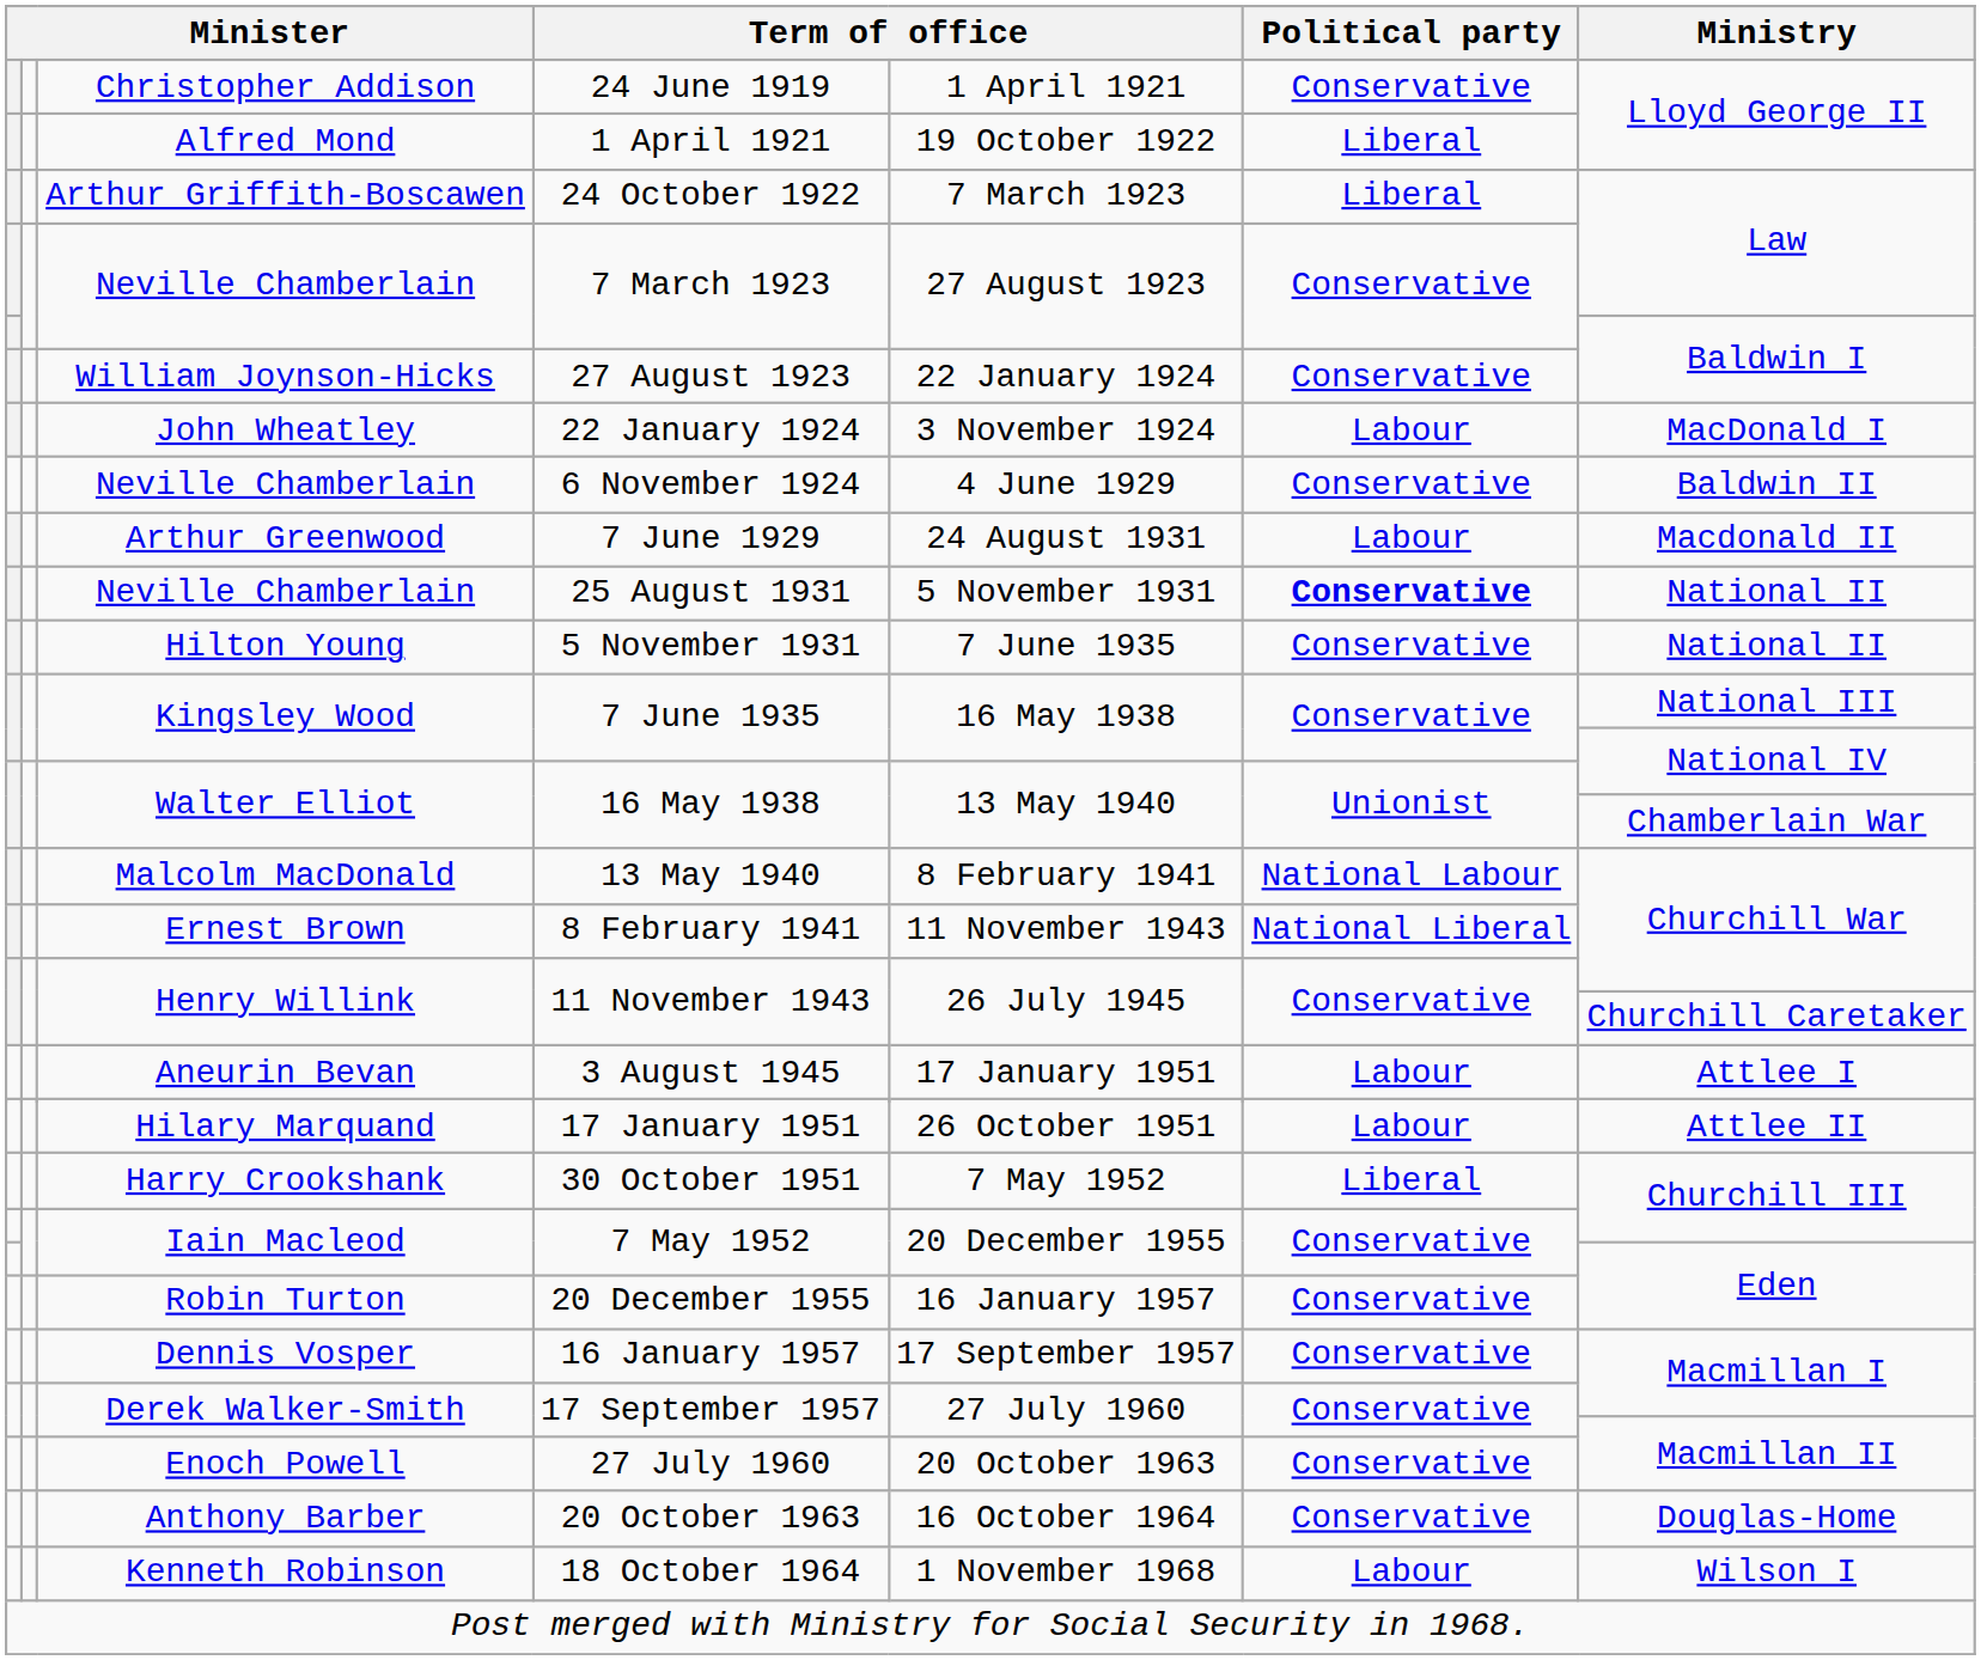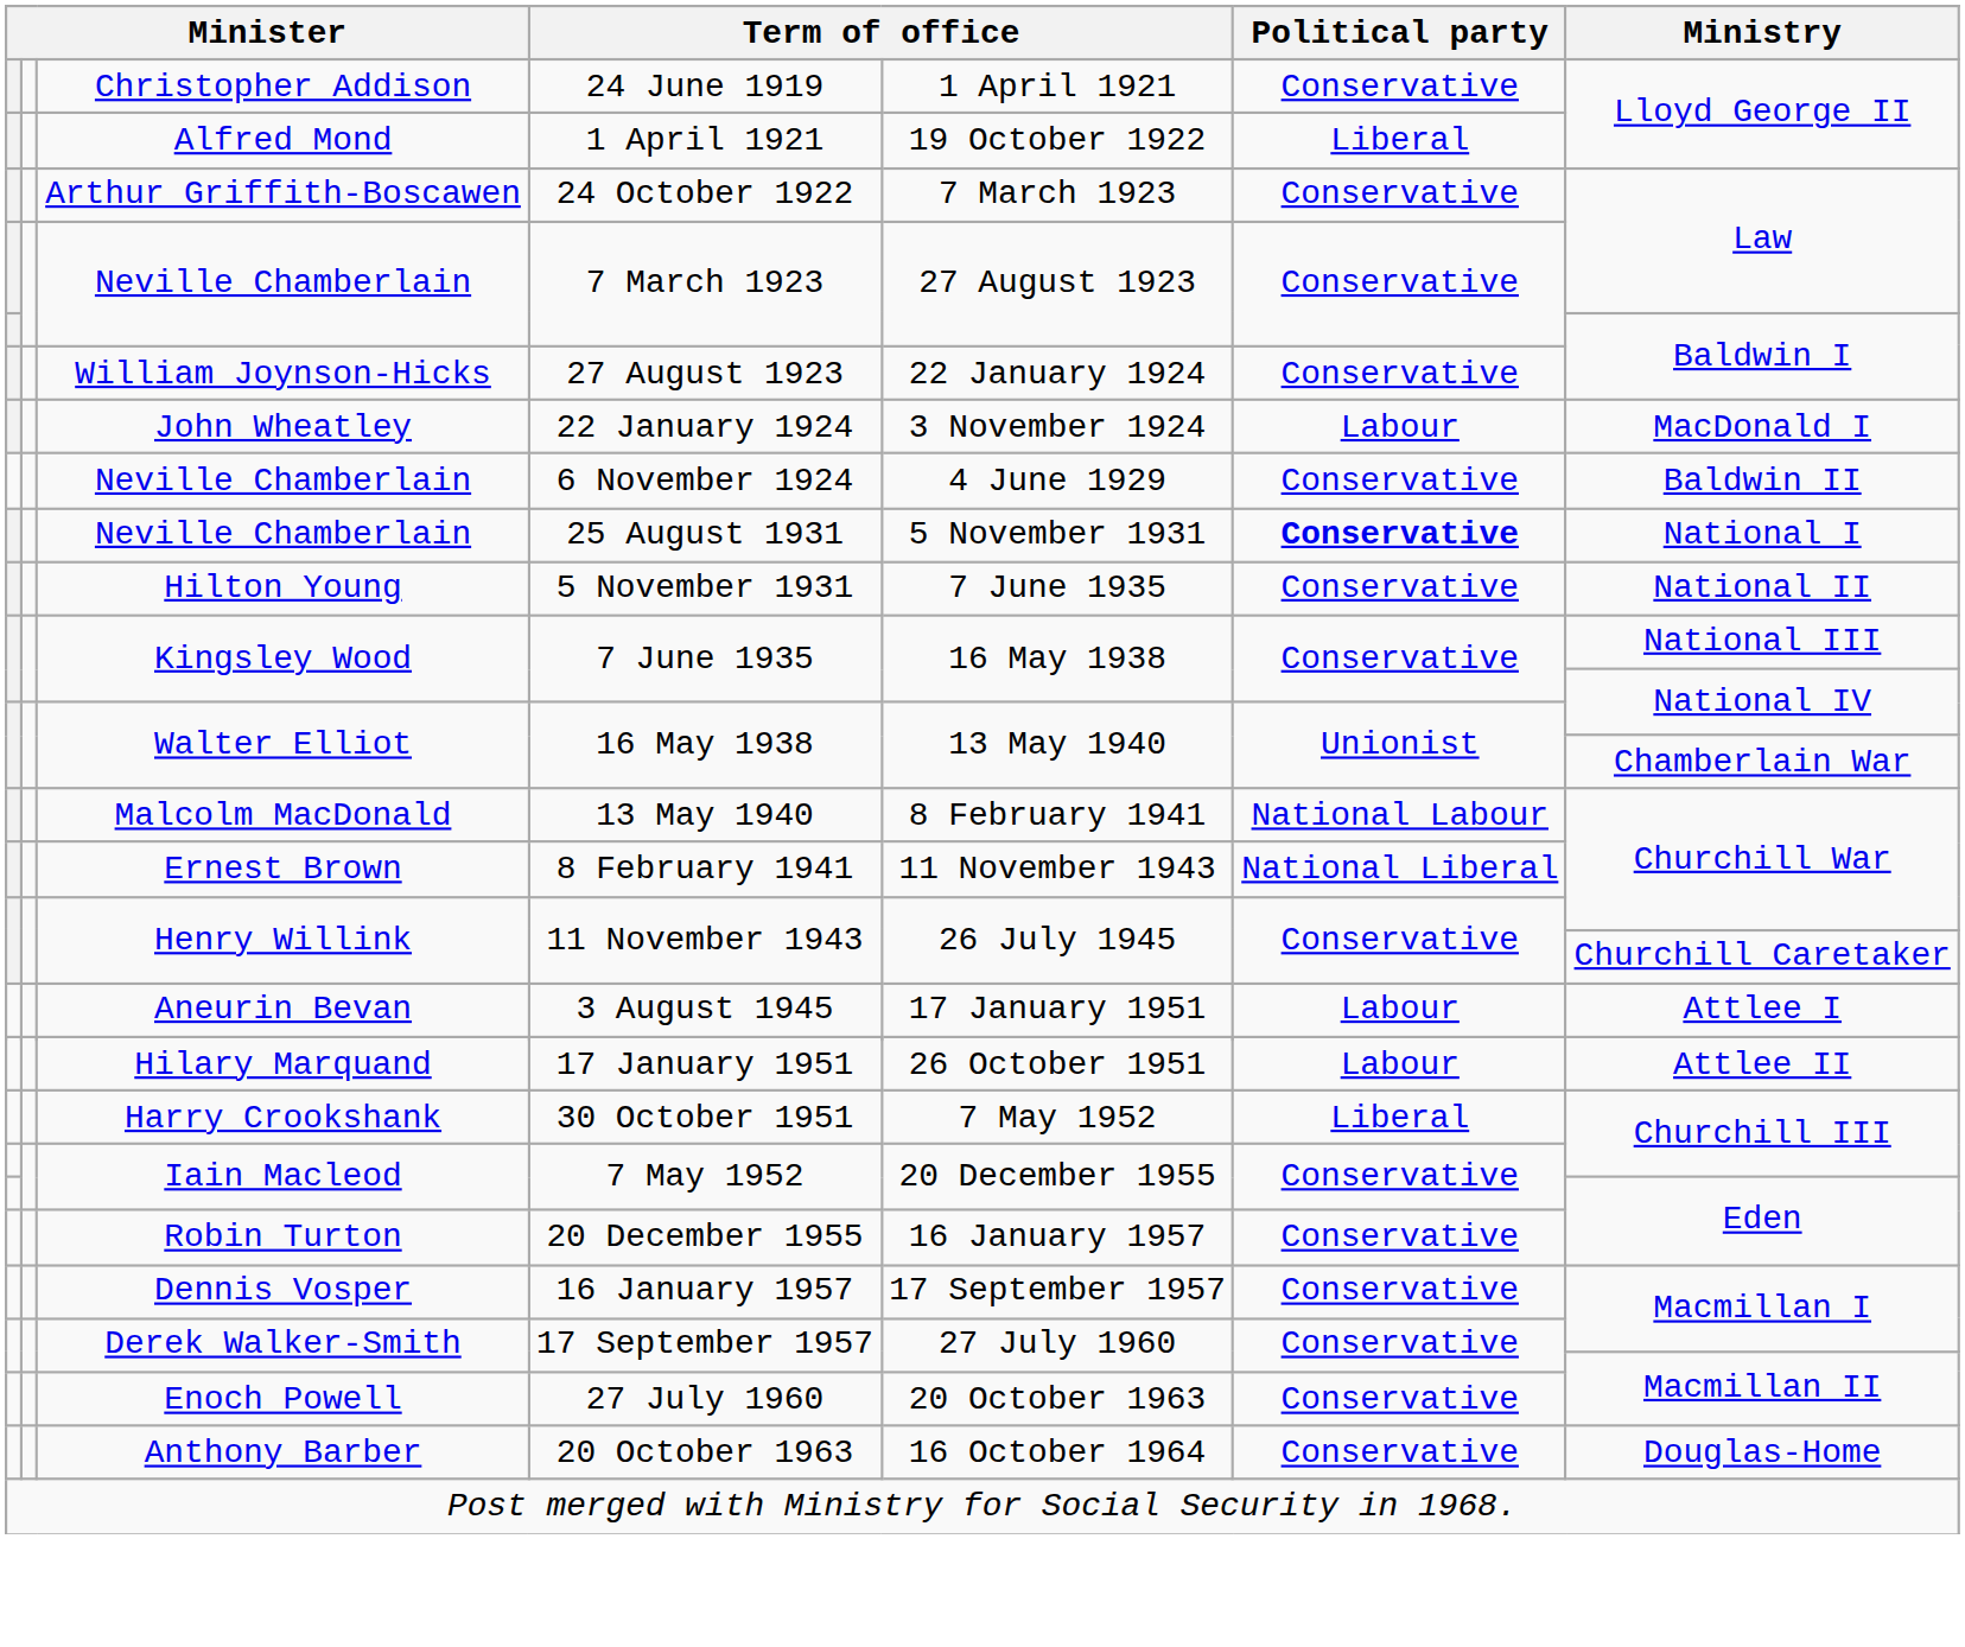 <table class="wikitable" style="text-align:center">
 <tr>
 <th colspan="3">Minister</th>
 <th colspan="2">Term of office</th>
 <th>Political party</th>
 <th>Ministry</th>
 </tr>
 <tr style="height:1em">
 <th style="background-color:"></th>
 <td></td>
 <td><a href='#'>Christopher Addison</a><br></td>
 <td>24 June 1919</td>
 <td>1 April 1921</td>
 <td><a href='#'>Conservative</a></td>
 <td rowspan="2" ><a href='#'>Lloyd George II</a></td>
 </tr>
 <tr style="height:1em">
 <th style="background-color:"></th>
 <td></td>
 <td><a href='#'>Alfred Mond</a><br></td>
 <td>1 April 1921</td>
 <td>19 October 1922</td>
 <td><a href='#'>Liberal</a></td>
 </tr>
 <tr style="height:1em">
 <th style="background-color:"></th>
 <td></td>
 <td><a href='#'>Arthur Griffith-Boscawen</a><br></td>
 <td>24 October 1922</td>
 <td>7 March 1923<br></td>
-<td><a href='#'>Liberal</a></td>
+<td><a href='#'>Conservative</a></td>
 <td rowspan="2" ><a href='#'>Law</a></td>
 </tr>
 <tr style="height:1em">
 <th height="30" style="background-color:"></th>
 <td rowspan="2"></td>
 <td rowspan="2"><a href='#'>Neville Chamberlain</a><br></td>
 <td rowspan="2">7 March 1923</td>
 <td rowspan="2">27 August 1923</td>
 <td rowspan="2"><a href='#'>Conservative</a></td>
 </tr>
 <tr style="height:1em">
 <th style="background-color:"></th>
 <td rowspan="2" ><a href='#'>Baldwin I</a></td>
 </tr>
 <tr style="height:1em">
 <th style="background-color:"></th>
 <td></td>
 <td><a href='#'>William Joynson-Hicks</a><br></td>
 <td>27 August 1923</td>
 <td>22 January 1924</td>
 <td><a href='#'>Conservative</a></td>
 </tr>
 <tr style="height:1em">
 <th style="background-color:"></th>
 <td></td>
 <td><a href='#'>John Wheatley</a><br></td>
 <td>22 January 1924</td>
 <td>3 November 1924</td>
 <td><a href='#'>Labour</a></td>
 <td><a href='#'>MacDonald I</a></td>
 </tr>
 <tr style="height:1em">
 <td style="background-color:"></td>
 <td></td>
 <td><a href='#'>Neville Chamberlain</a><br></td>
 <td>6 November 1924</td>
 <td>4 June 1929</td>
 <td><a href='#'>Conservative</a></td>
 <td><a href='#'>Baldwin II</a></td>
 </tr>
 <tr style="height:1em">
 <th style="background-color:"></th>
 <td></td>
-<td><a href='#'>Arthur Greenwood</a><br></td>
-<td>7 June 1929</td>
-<td>24 August 1931</td>
-<td><a href='#'>Labour</a></td>
-<td><a href='#'>Macdonald II</a></td>
-</tr>
-<tr style="height:1em">
-<th style="background-color:"></th>
-<td></td>
 <td><a href='#'>Neville Chamberlain</a><br></td>
 <td>25 August 1931</td>
 <td>5 November 1931</td>
 <td><strong><a href='#'>Conservative</a></strong></td>
-<td><a href='#'>National II</a></td>
+<td><a href='#'>National I</a></td>
 </tr>
 <tr style="height:1em">
 <th style="background-color:"></th>
 <td></td>
 <td><a href='#'>Hilton Young</a><br></td>
 <td>5 November 1931</td>
 <td>7 June 1935</td>
 <td><a href='#'>Conservative</a></td>
 <td><a href='#'>National II</a></td>
 </tr>
 <tr style="height:1em">
 <th rowspan="2" style="background-color:"></th>
 <td rowspan="2"></td>
 <td rowspan="2"><a href='#'>Kingsley Wood</a><br></td>
 <td rowspan="2">7 June 1935</td>
 <td rowspan="2">16 May 1938</td>
 <td rowspan="2"><a href='#'>Conservative</a></td>
 <td><a href='#'>National III</a></td>
 </tr>
 <tr style="height:1em">
 <td rowspan="2" ><a href='#'>National IV</a></td>
 </tr>
 <tr style="height:1em">
 <th rowspan="2" style="background-color:"></th>
 <td rowspan="2"></td>
 <td rowspan="2"><a href='#'>Walter Elliot</a><br></td>
 <td rowspan="2">16 May 1938</td>
 <td rowspan="2">13 May 1940</td>
 <td rowspan="2"><a href='#'>Unionist</a></td>
 </tr>
 <tr>
 <td><a href='#'>Chamberlain War</a></td>
 </tr>
 <tr style="height:1em">
 <th style="background-color:"></th>
 <td></td>
 <td><a href='#'>Malcolm MacDonald</a><br></td>
 <td>13 May 1940</td>
 <td>8 February 1941</td>
 <td><a href='#'>National Labour</a></td>
 <td rowspan="3" ><a href='#'>Churchill War</a></td>
 </tr>
 <tr style="height:1em">
 <th style="background-color:"></th>
 <td></td>
 <td><a href='#'>Ernest Brown</a><br></td>
 <td>8 February 1941</td>
 <td>11 November 1943</td>
 <td><a href='#'>National Liberal</a></td>
 </tr>
 <tr style="height:1em">
 <th rowspan="2" style="background-color:"></th>
 <td rowspan="2"></td>
 <td rowspan="2"><a href='#'>Henry Willink</a><br></td>
 <td rowspan="2">11 November 1943</td>
 <td rowspan="2">26 July 1945</td>
 <td rowspan="2"><a href='#'>Conservative</a></td>
 </tr>
 <tr>
 <td><a href='#'>Churchill Caretaker</a></td>
 </tr>
 <tr style="height:1em">
 <td rowspan="2" style="background-color:"></td>
 <td rowspan="2"></td>
 <td rowspan="2"><a href='#'>Aneurin Bevan</a><br></td>
 <td rowspan="2">3 August 1945</td>
 <td rowspan="2">17 January 1951</td>
 <td rowspan="2"><a href='#'>Labour</a></td>
 <td><a href='#'>Attlee I</a></td>
 </tr>
 <tr>
 <td rowspan="2" ><a href='#'>Attlee II</a></td>
 </tr>
 <tr style="height:1em">
 <td style="background-color:"></td>
 <td></td>
 <td><a href='#'>Hilary Marquand</a><br></td>
 <td>17 January 1951</td>
 <td>26 October 1951</td>
 <td><a href='#'>Labour</a></td>
 </tr>
 <tr style="height:1em">
 <td style="background-color:"></td>
 <td></td>
 <td><a href='#'>Harry Crookshank</a><br></td>
 <td>30 October 1951</td>
 <td>7 May 1952</td>
 <td><a href='#'>Liberal</a></td>
 <td rowspan="2" ><a href='#'>Churchill III</a></td>
 </tr>
 <tr style="height:1em">
 <td style="background-color:"></td>
 <td rowspan="2"></td>
 <td rowspan="2"><a href='#'>Iain Macleod</a><br></td>
 <td rowspan="2">7 May 1952</td>
 <td rowspan="2">20 December 1955</td>
 <td rowspan="2"><a href='#'>Conservative</a></td>
 </tr>
 <tr style="height:1em">
 <td style="background-color:"></td>
 <td rowspan="2" ><a href='#'>Eden</a></td>
 </tr>
 <tr style="height:1em">
 <td style="background-color:"></td>
 <td></td>
 <td><a href='#'>Robin Turton</a><br></td>
 <td>20 December 1955</td>
 <td>16 January 1957</td>
 <td><a href='#'>Conservative</a></td>
 </tr>
 <tr style="height:1em">
 <td style="background-color:"></td>
 <td></td>
 <td><a href='#'>Dennis Vosper</a><br></td>
 <td>16 January 1957</td>
 <td>17 September 1957</td>
 <td><a href='#'>Conservative</a></td>
 <td rowspan="2" ><a href='#'>Macmillan I</a></td>
 </tr>
 <tr style="height:1em">
 <td rowspan="2" style="background-color:"></td>
 <td rowspan="2"></td>
 <td rowspan="2"><a href='#'>Derek Walker-Smith</a><br></td>
 <td rowspan="2">17 September 1957</td>
 <td rowspan="2">27 July 1960</td>
 <td rowspan="2"><a href='#'>Conservative</a></td>
 </tr>
 <tr>
 <td rowspan="2" ><a href='#'>Macmillan II</a></td>
 </tr>
 <tr style="height:1em">
 <td style="background-color:"></td>
 <td></td>
 <td><a href='#'>Enoch Powell</a><br></td>
 <td>27 July 1960</td>
 <td>20 October 1963</td>
 <td><a href='#'>Conservative</a></td>
 </tr>
 <tr style="height:1em">
 <td style="background-color:"></td>
 <td></td>
 <td><a href='#'>Anthony Barber</a><br></td>
 <td>20 October 1963</td>
 <td>16 October 1964</td>
 <td><a href='#'>Conservative</a></td>
 <td><a href='#'>Douglas-Home</a></td>
 </tr>
-<tr style="height:1em">
-<td style="background-color:"></td>
-<td></td>
-<td><a href='#'>Kenneth Robinson</a><br></td>
-<td>18 October 1964</td>
-<td>1 November 1968</td>
-<td><a href='#'>Labour</a></td>
-<td><a href='#'>Wilson I</a></td>
-</tr>
 <tr>
 <td colspan="7" style="width:10px"><em>Post merged with Ministry for Social Security in 1968.</em></td>
 </tr>
 </table>
